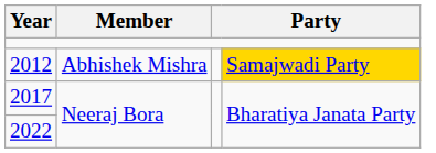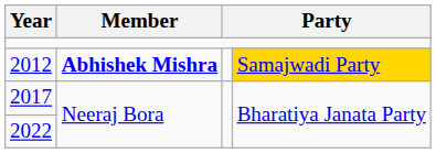 <table class="wikitable">
 <tr>
 <th>Year</th>
 <th>Member</th>
 <th colspan="2">Party</th>
 </tr>
 <tr>
 <td colspan="4"></td>
 </tr>
 <tr>
 <td><a href='#'>2012</a></td>
-<td><a href='#'>Abhishek Mishra</a></td>
+<td><strong><a href='#'>Abhishek Mishra</a></strong></td>
 <td style="background-color: "></td>
 <td style="background: gold;"><a href='#'>Samajwadi Party</a></td>
 </tr>
 <tr>
 <td><a href='#'>2017</a></td>
 <td rowspan="2"><a href='#'>Neeraj Bora</a></td>
 <td rowspan="2" style="background-color: "></td>
 <td rowspan="2"><a href='#'>Bharatiya Janata Party</a></td>
 </tr>
 <tr>
 <td><a href='#'>2022</a></td>
 </tr>
 </table>
